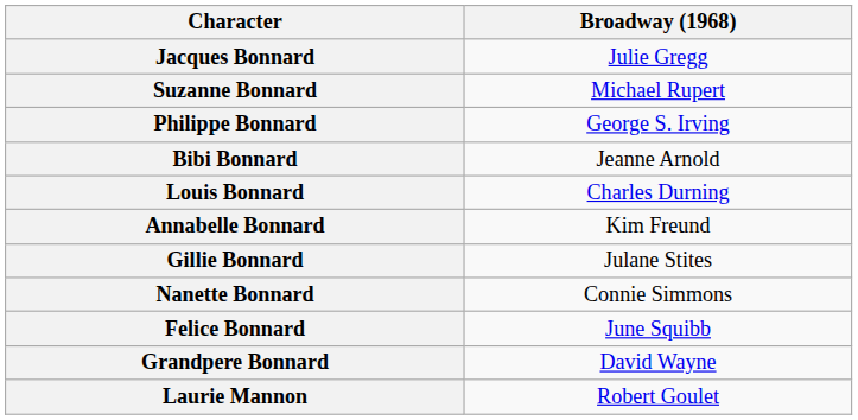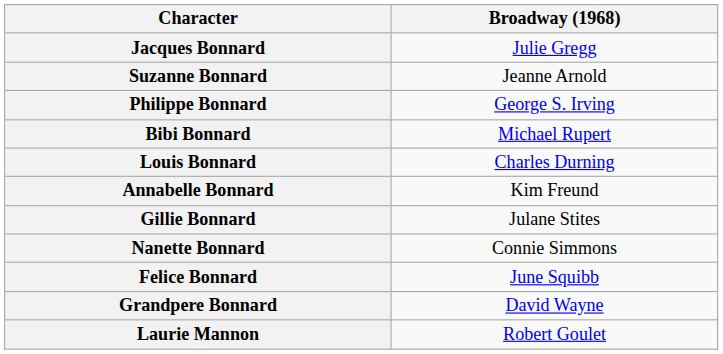 <table class="wikitable" style="width:50%; text-align:center">
 <tr>
 <th scope="col">Character</th>
 <th>Broadway (1968)</th>
 </tr>
 <tr>
 <th>Jacques Bonnard</th>
 <td colspan="1"><a href='#'>Julie Gregg</a></td>
 </tr>
 <tr>
 <th>Suzanne Bonnard</th>
-<td colspan="1"><a href='#'>Michael Rupert</a></td>
+<td colspan="1”">Jeanne Arnold</td>
 </tr>
 <tr>
 <th>Philippe Bonnard</th>
 <td colspan="1”"><a href='#'>George S. Irving</a></td>
 </tr>
 <tr>
 <th>Bibi Bonnard</th>
-<td colspan="1”">Jeanne Arnold</td>
+<td colspan="1"><a href='#'>Michael Rupert</a></td>
 </tr>
 <tr>
 <th>Louis Bonnard</th>
 <td colspan="1"><a href='#'>Charles Durning</a></td>
 </tr>
 <tr>
 <th>Annabelle Bonnard</th>
 <td colspan="1">Kim Freund</td>
 </tr>
 <tr>
 <th>Gillie Bonnard</th>
 <td colspan="1">Julane Stites</td>
 </tr>
 <tr>
 <th>Nanette Bonnard</th>
 <td colspan="1">Connie Simmons</td>
 </tr>
 <tr>
 <th>Felice Bonnard</th>
 <td colspan="1"><a href='#'>June Squibb</a></td>
 </tr>
 <tr>
 <th>Grandpere Bonnard</th>
 <td colspan="1"><a href='#'>David Wayne</a></td>
 </tr>
 <tr>
 <th>Laurie Mannon</th>
 <td colspan="1"><a href='#'>Robert Goulet</a></td>
 </tr>
 </table>
